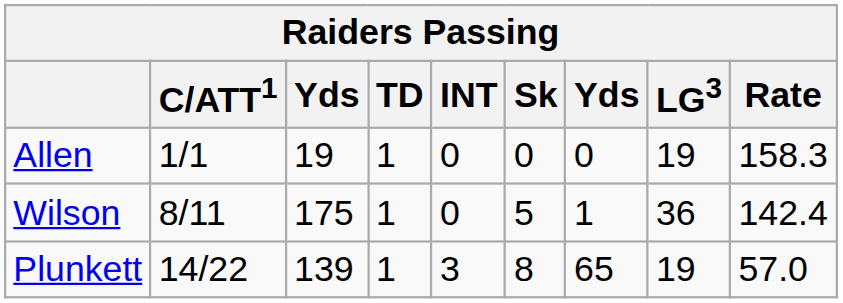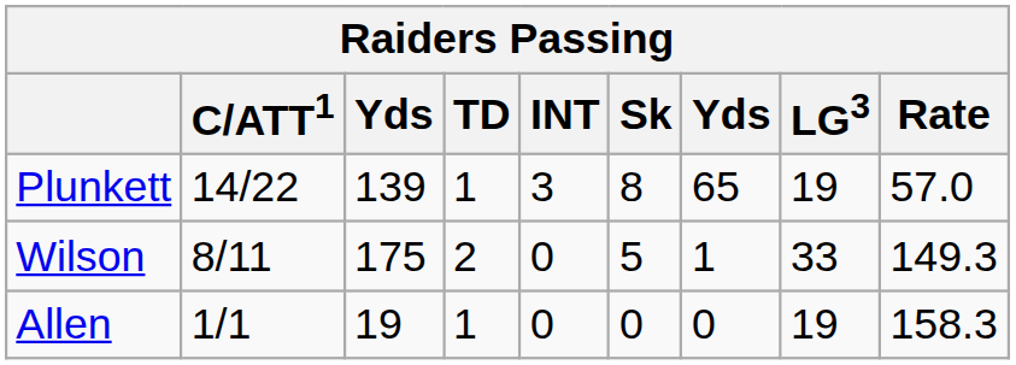 <table class="wikitable">
 <tr>
 <th colspan="9">Raiders Passing</th>
 </tr>
 <tr>
 <th></th>
 <th>C/ATT<sup>1</sup></th>
 <th>Yds</th>
 <th>TD</th>
 <th>INT</th>
 <th>Sk</th>
 <th>Yds</th>
 <th>LG<sup>3</sup></th>
 <th>Rate</th>
 </tr>
 <tr>
+<td><a href='#'>Plunkett</a></td>
+<td>14/22</td>
+<td>139</td>
+<td>1</td>
+<td>3</td>
+<td>8</td>
+<td>65</td>
+<td>19</td>
+<td>57.0</td>
+</tr>
+<tr>
+<td><a href='#'>Wilson</a></td>
+<td>8/11</td>
+<td>175</td>
+<td>2</td>
+<td>0</td>
+<td>5</td>
+<td>1</td>
+<td>33</td>
+<td>149.3</td>
+</tr>
+<tr>
 <td><a href='#'>Allen</a></td>
 <td>1/1</td>
 <td>19</td>
 <td>1</td>
 <td>0</td>
 <td>0</td>
 <td>0</td>
 <td>19</td>
 <td>158.3</td>
 </tr>
-<tr>
-<td><a href='#'>Wilson</a></td>
-<td>8/11</td>
-<td>175</td>
-<td>1</td>
-<td>0</td>
-<td>5</td>
-<td>1</td>
-<td>36</td>
-<td>142.4</td>
-</tr>
-<tr>
-<td><a href='#'>Plunkett</a></td>
-<td>14/22</td>
-<td>139</td>
-<td>1</td>
-<td>3</td>
-<td>8</td>
-<td>65</td>
-<td>19</td>
-<td>57.0</td>
-</tr>
 </table>
